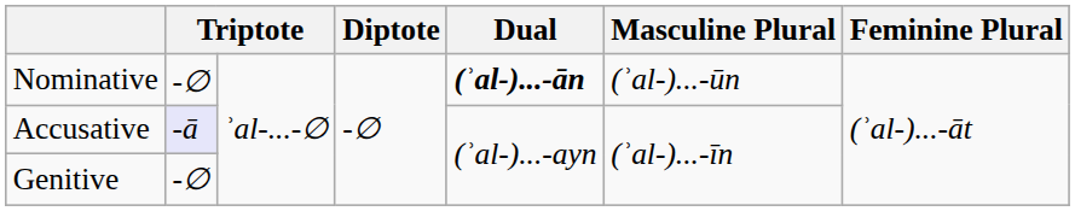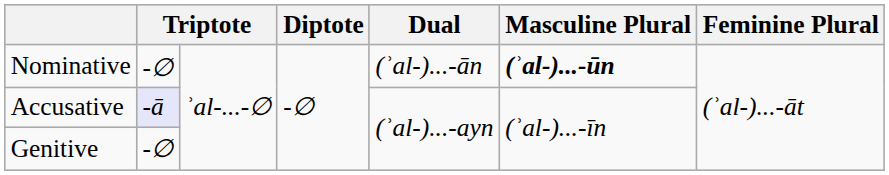 <table class="wikitable">
 <tr>
 <th></th>
 <th colspan="2"><strong>Triptote</strong></th>
 <th>Diptote</th>
 <th>Dual</th>
 <th>Masculine Plural</th>
 <th>Feminine Plural</th>
 </tr>
 <tr>
 <td>Nominative</td>
 <td><em>-∅</em></td>
 <td rowspan="3"><em>ʾal-...-∅</em></td>
 <td rowspan="3">-<em>∅</em></td>
-<td><strong><em>(ʾal-)...-ān</em></strong></td>
-<td><em>(ʾal-)...-ūn</em></td>
+<td><em>(ʾal-)...-ān</em></td>
+<td><strong><em>(ʾal-)...-ūn</em></strong></td>
 <td rowspan="3"><em>(ʾal-)...-āt</em></td>
 </tr>
 <tr>
 <td>Accusative</td>
 <td style="background: lavender;"><em>-ā</em></td>
 <td rowspan="2"><em>(ʾal-)...-ayn</em></td>
 <td rowspan="2"><em>(ʾal-)...-īn</em></td>
 </tr>
 <tr>
 <td>Genitive</td>
 <td><em>-∅</em></td>
 </tr>
 </table>
